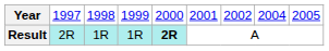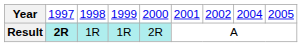 <table class="wikitable" style="text-align:center; font-size:90%; background:white">
 <tr>
 <th>Year</th>
 <td><a href='#'>1997</a></td>
 <td><a href='#'>1998</a></td>
 <td><a href='#'>1999</a></td>
 <td><a href='#'>2000</a></td>
 <td><a href='#'>2001</a></td>
 <td><a href='#'>2002</a></td>
 <td><a href='#'>2004</a></td>
 <td><a href='#'>2005</a></td>
 </tr>
 <tr>
 <th>Result</th>
-<td bgcolor="afeeee">2R</td>
+<td bgcolor="afeeee"><strong>2R</strong></td>
 <td bgcolor="afeeee">1R</td>
 <td bgcolor="afeeee">1R</td>
-<td bgcolor="afeeee"><strong>2R</strong></td>
+<td bgcolor="afeeee">2R</td>
 <td colspan="4">A</td>
 </tr>
 </table>
